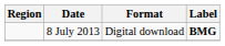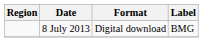 <table class=wikitable>
 <tr>
 <th>Region</th>
 <th>Date</th>
 <th>Format</th>
 <th>Label</th>
 </tr>
 <tr>
 <td></td>
 <td>8 July 2013</td>
 <td>Digital download</td>
-<td><strong>BMG</strong></td>
+<td>BMG</td>
 </tr>
 <tr>
 </tr>
 </table>
